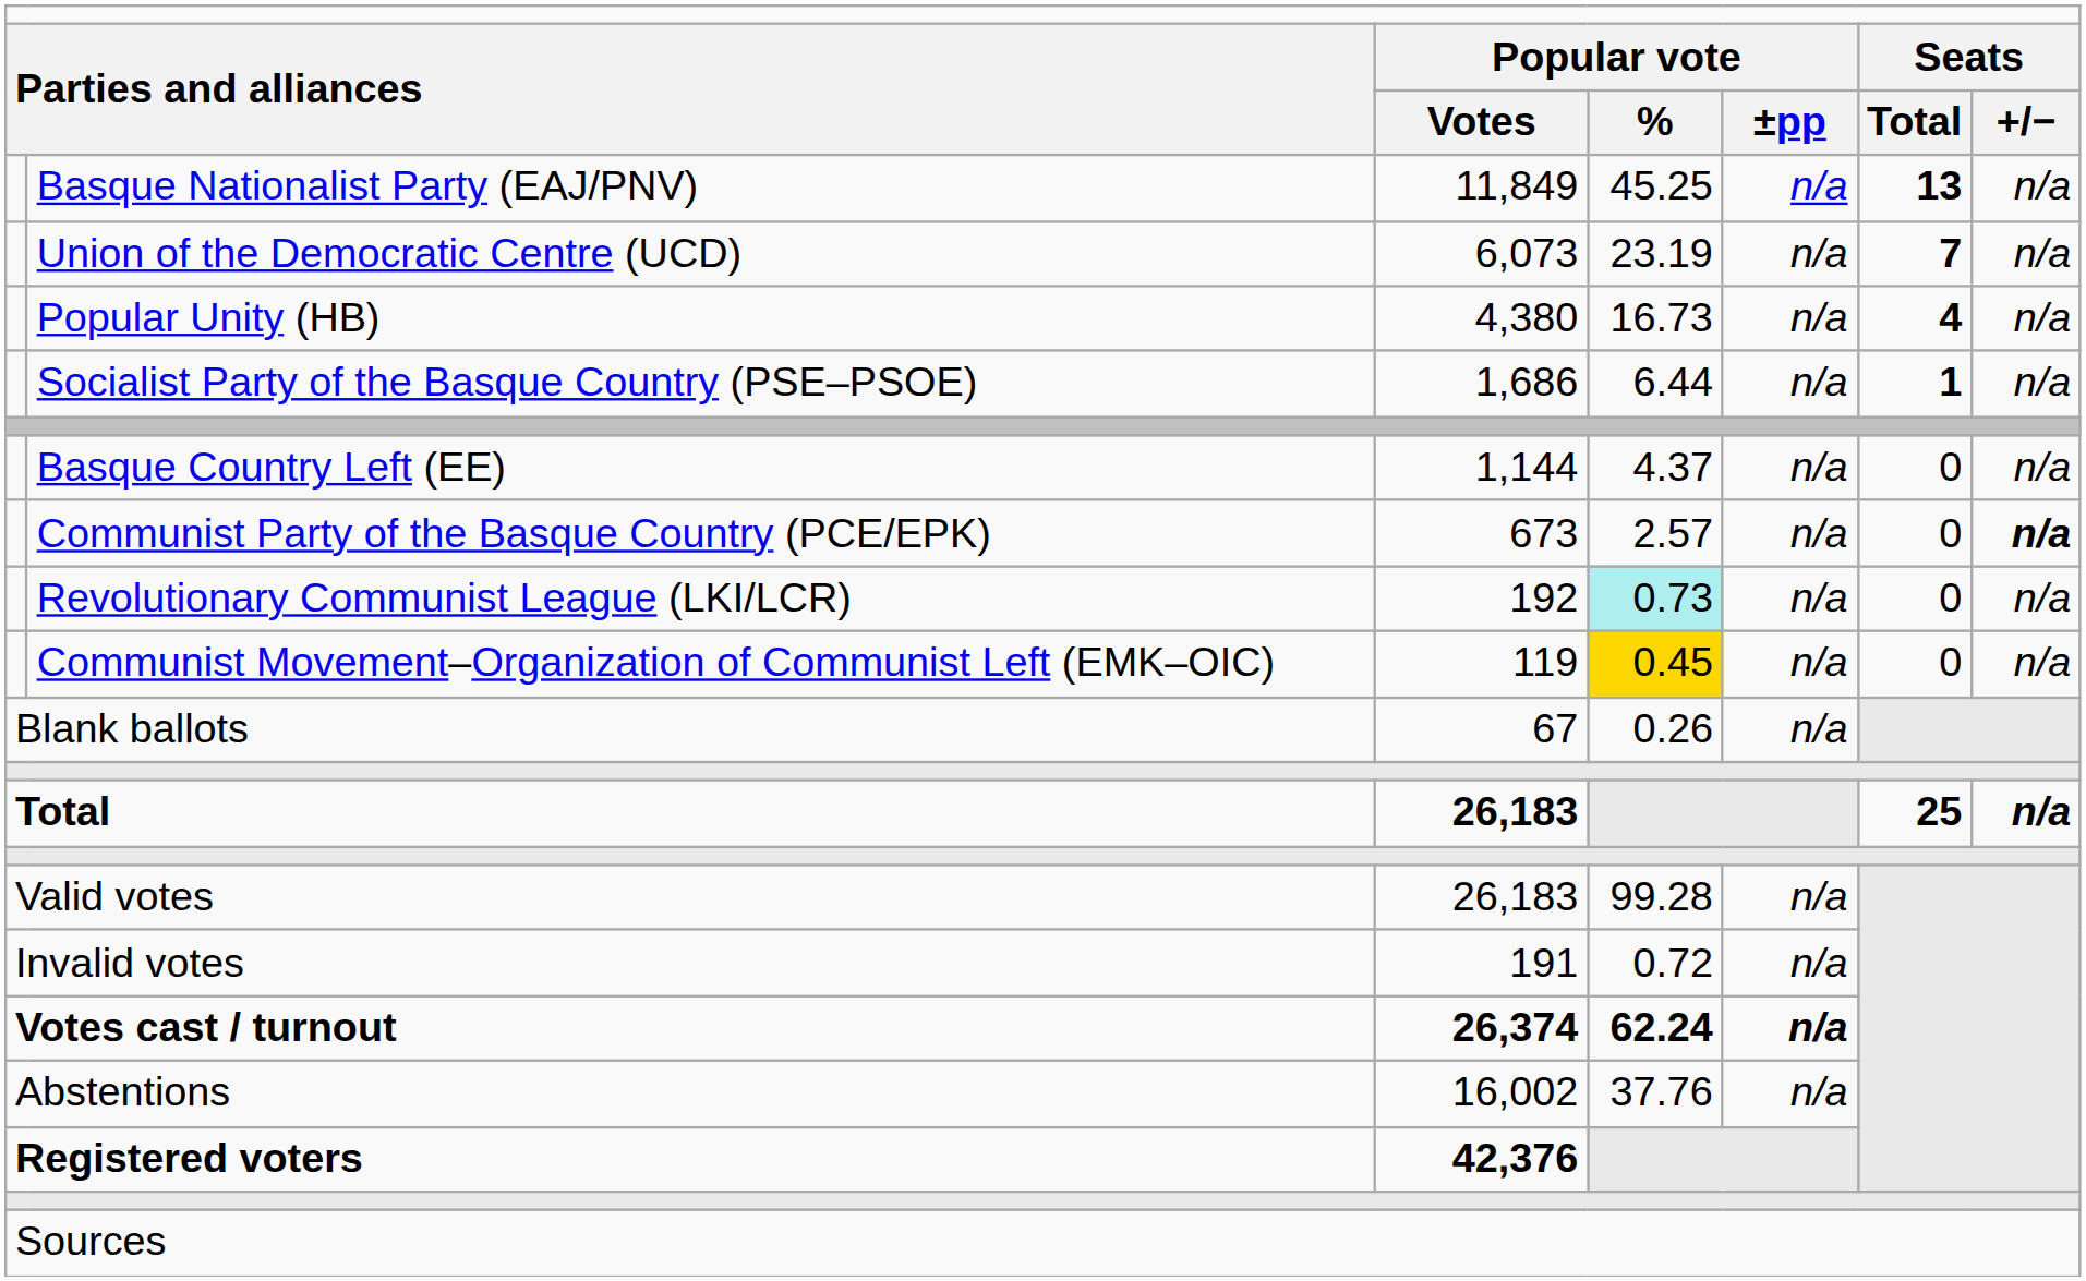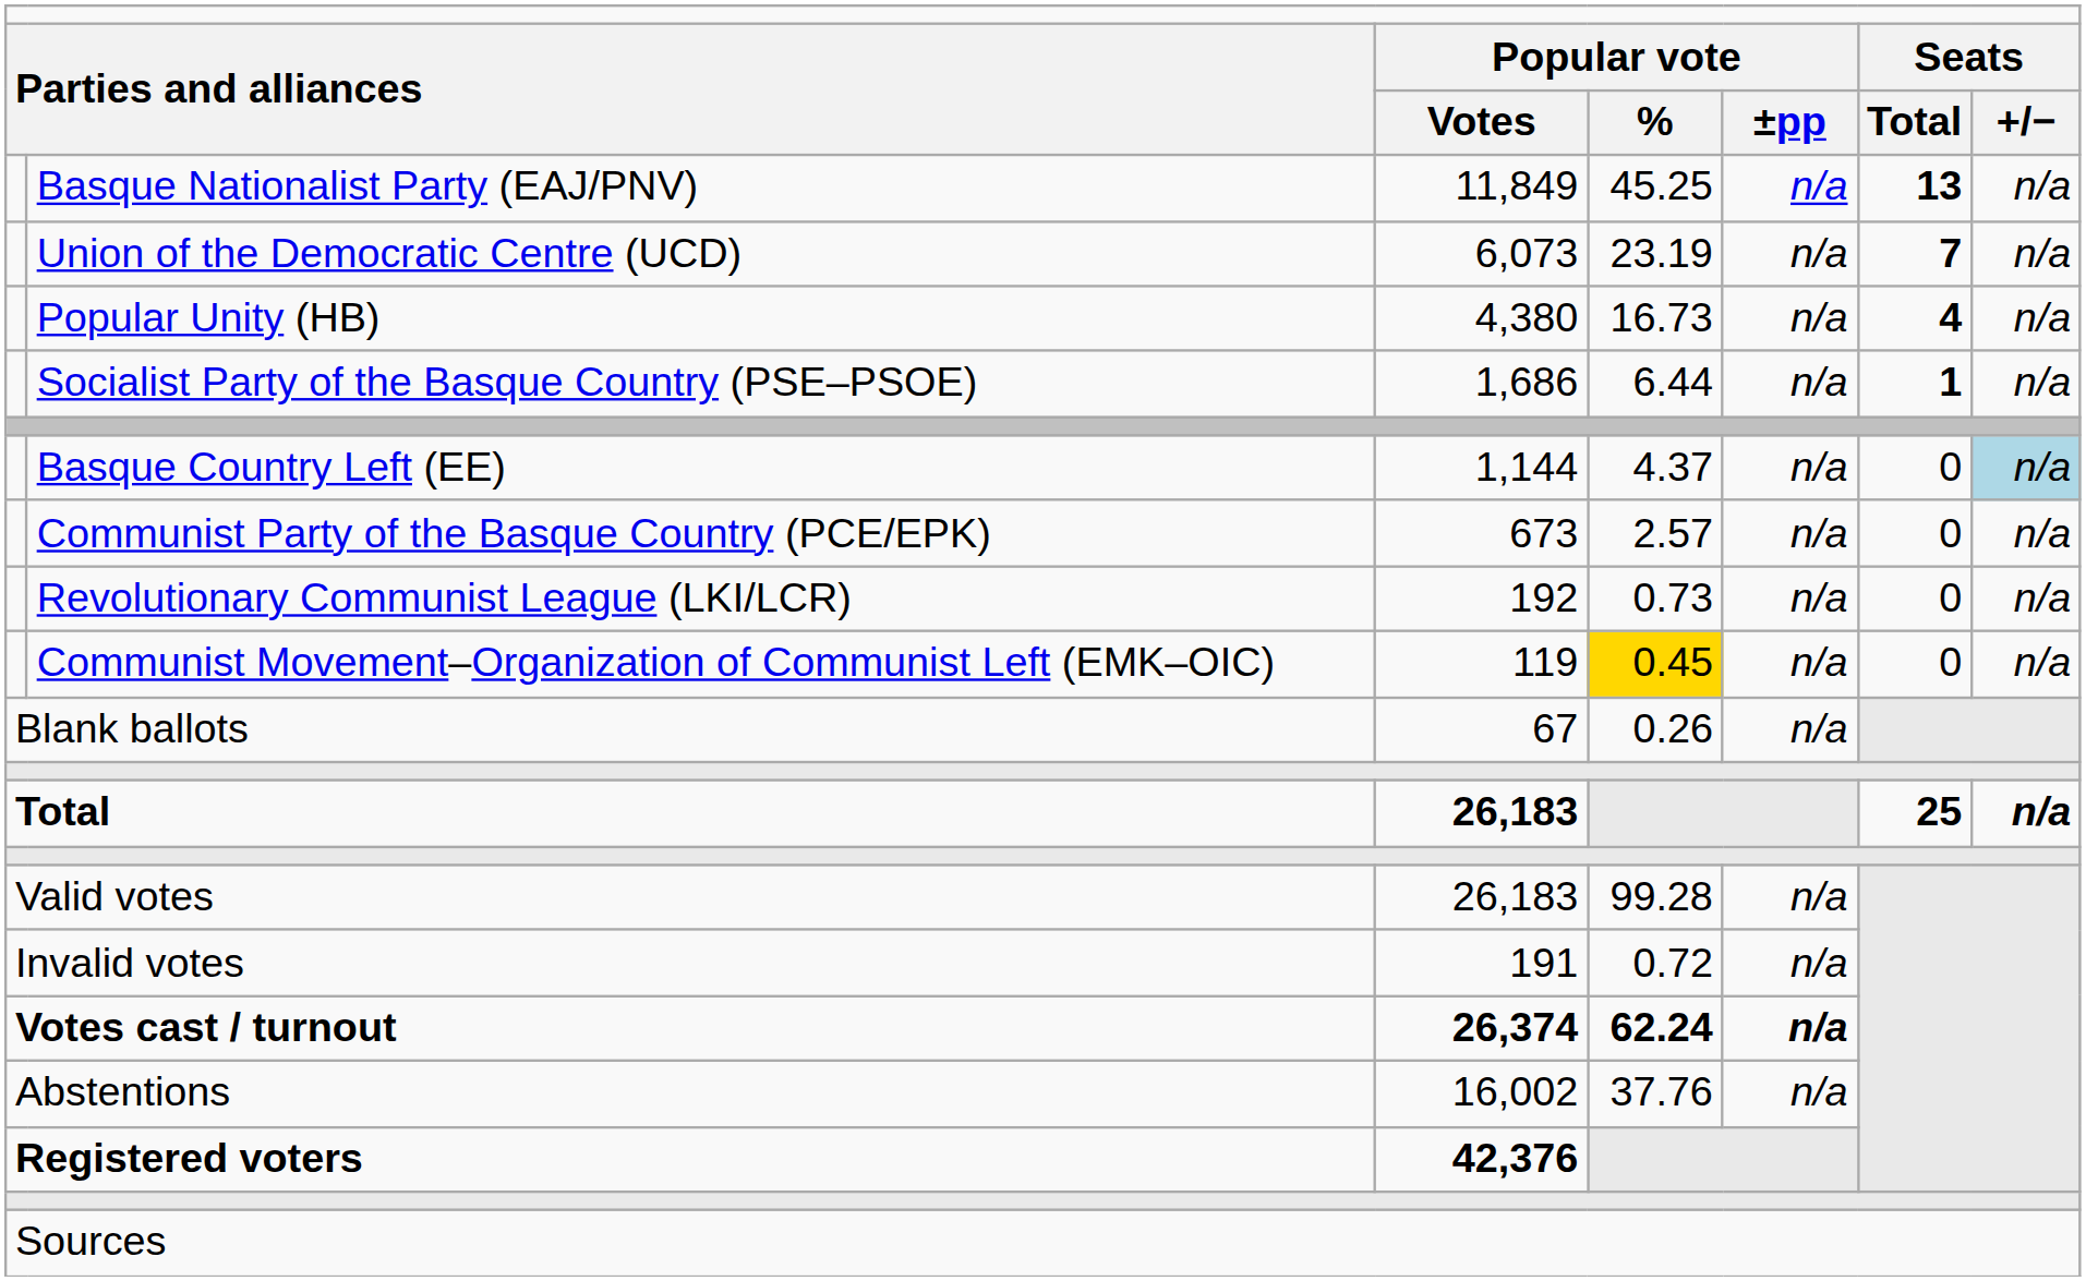 <table class="wikitable" style="text-align:right;">
 <tr>
 <td colspan="7"></td>
 </tr>
 <tr>
 <th style="text-align:left;" rowspan="2" colspan="2" width="525">Parties and alliances</th>
 <th colspan="3">Popular vote</th>
 <th colspan="2">Seats</th>
 </tr>
 <tr>
 <th width="75">Votes</th>
 <th width="45">%</th>
 <th width="45">±<a href='#'>pp</a></th>
 <th width="35">Total</th>
 <th width="35">+/−</th>
 </tr>
 <tr>
 <td width="1" style="color:inherit;background:"></td>
 <td align="left"><a href='#'>Basque Nationalist Party</a> (EAJ/PNV)</td>
 <td>11,849</td>
 <td>45.25</td>
 <td><em><a href='#'>n/a</a></em></td>
 <td><strong>13</strong></td>
 <td><em>n/a</em></td>
 </tr>
 <tr>
 <td style="color:inherit;background:"></td>
 <td align="left"><a href='#'>Union of the Democratic Centre</a> (UCD)</td>
 <td>6,073</td>
 <td>23.19</td>
 <td><em>n/a</em></td>
 <td><strong>7</strong></td>
 <td><em>n/a</em></td>
 </tr>
 <tr>
 <td style="color:inherit;background:"></td>
 <td align="left"><a href='#'>Popular Unity</a> (HB)</td>
 <td>4,380</td>
 <td>16.73</td>
 <td><em>n/a</em></td>
 <td><strong>4</strong></td>
 <td><em>n/a</em></td>
 </tr>
 <tr>
 <td style="color:inherit;background:"></td>
 <td align="left"><a href='#'>Socialist Party of the Basque Country</a> (PSE–PSOE)</td>
 <td>1,686</td>
 <td>6.44</td>
 <td><em>n/a</em></td>
 <td><strong>1</strong></td>
 <td><em>n/a</em></td>
 </tr>
 <tr>
 <td colspan="7" bgcolor="#C0C0C0"></td>
 </tr>
 <tr>
 <td style="color:inherit;background:"></td>
 <td align="left"><a href='#'>Basque Country Left</a> (EE)</td>
 <td>1,144</td>
 <td>4.37</td>
 <td><em>n/a</em></td>
 <td>0</td>
-<td><em>n/a</em></td>
+<td style="background: lightblue;"><em>n/a</em></td>
 </tr>
 <tr>
 <td style="color:inherit;background:"></td>
 <td align="left"><a href='#'>Communist Party of the Basque Country</a> (PCE/EPK)</td>
 <td>673</td>
 <td>2.57</td>
 <td><em>n/a</em></td>
 <td>0</td>
-<td><strong><em>n/a</em></strong></td>
+<td><em>n/a</em></td>
 </tr>
 <tr>
 <td style="color:inherit;background:"></td>
 <td align="left"><a href='#'>Revolutionary Communist League</a> (LKI/LCR)</td>
 <td>192</td>
-<td style="background: paleturquoise;">0.73</td>
+<td>0.73</td>
 <td><em>n/a</em></td>
 <td>0</td>
 <td><em>n/a</em></td>
 </tr>
 <tr>
 <td style="color:inherit;background:"></td>
 <td align="left"><a href='#'>Communist Movement</a>–<a href='#'>Organization of Communist Left</a> (EMK–OIC)</td>
 <td>119</td>
 <td style="background: gold;">0.45</td>
 <td><em>n/a</em></td>
 <td>0</td>
 <td><em>n/a</em></td>
 </tr>
 <tr>
 <td align="left" colspan="2">Blank ballots</td>
 <td>67</td>
 <td>0.26</td>
 <td><em>n/a</em></td>
 <td bgcolor="#E9E9E9" colspan="2"></td>
 </tr>
 <tr>
 <td colspan="7" bgcolor="#E9E9E9"></td>
 </tr>
 <tr style="font-weight:bold;">
 <td align="left" colspan="2">Total</td>
 <td>26,183</td>
 <td bgcolor="#E9E9E9" colspan="2"></td>
 <td>25</td>
 <td><em>n/a</em></td>
 </tr>
 <tr>
 <td colspan="7" bgcolor="#E9E9E9"></td>
 </tr>
 <tr>
 <td align="left" colspan="2">Valid votes</td>
 <td>26,183</td>
 <td>99.28</td>
 <td><em>n/a</em></td>
 <td bgcolor="#E9E9E9" colspan="2" rowspan="5"></td>
 </tr>
 <tr>
 <td align="left" colspan="2">Invalid votes</td>
 <td>191</td>
 <td>0.72</td>
 <td><em>n/a</em></td>
 </tr>
 <tr style="font-weight:bold;">
 <td align="left" colspan="2">Votes cast / turnout</td>
 <td>26,374</td>
 <td>62.24</td>
 <td><em>n/a</em></td>
 </tr>
 <tr>
 <td align="left" colspan="2">Abstentions</td>
 <td>16,002</td>
 <td>37.76</td>
 <td><em>n/a</em></td>
 </tr>
 <tr style="font-weight:bold;">
 <td align="left" colspan="2">Registered voters</td>
 <td>42,376</td>
 <td bgcolor="#E9E9E9" colspan="2"></td>
 </tr>
 <tr>
 <td colspan="7" bgcolor="#E9E9E9"></td>
 </tr>
 <tr>
 <td align="left" colspan="7">Sources</td>
 </tr>
 </table>
